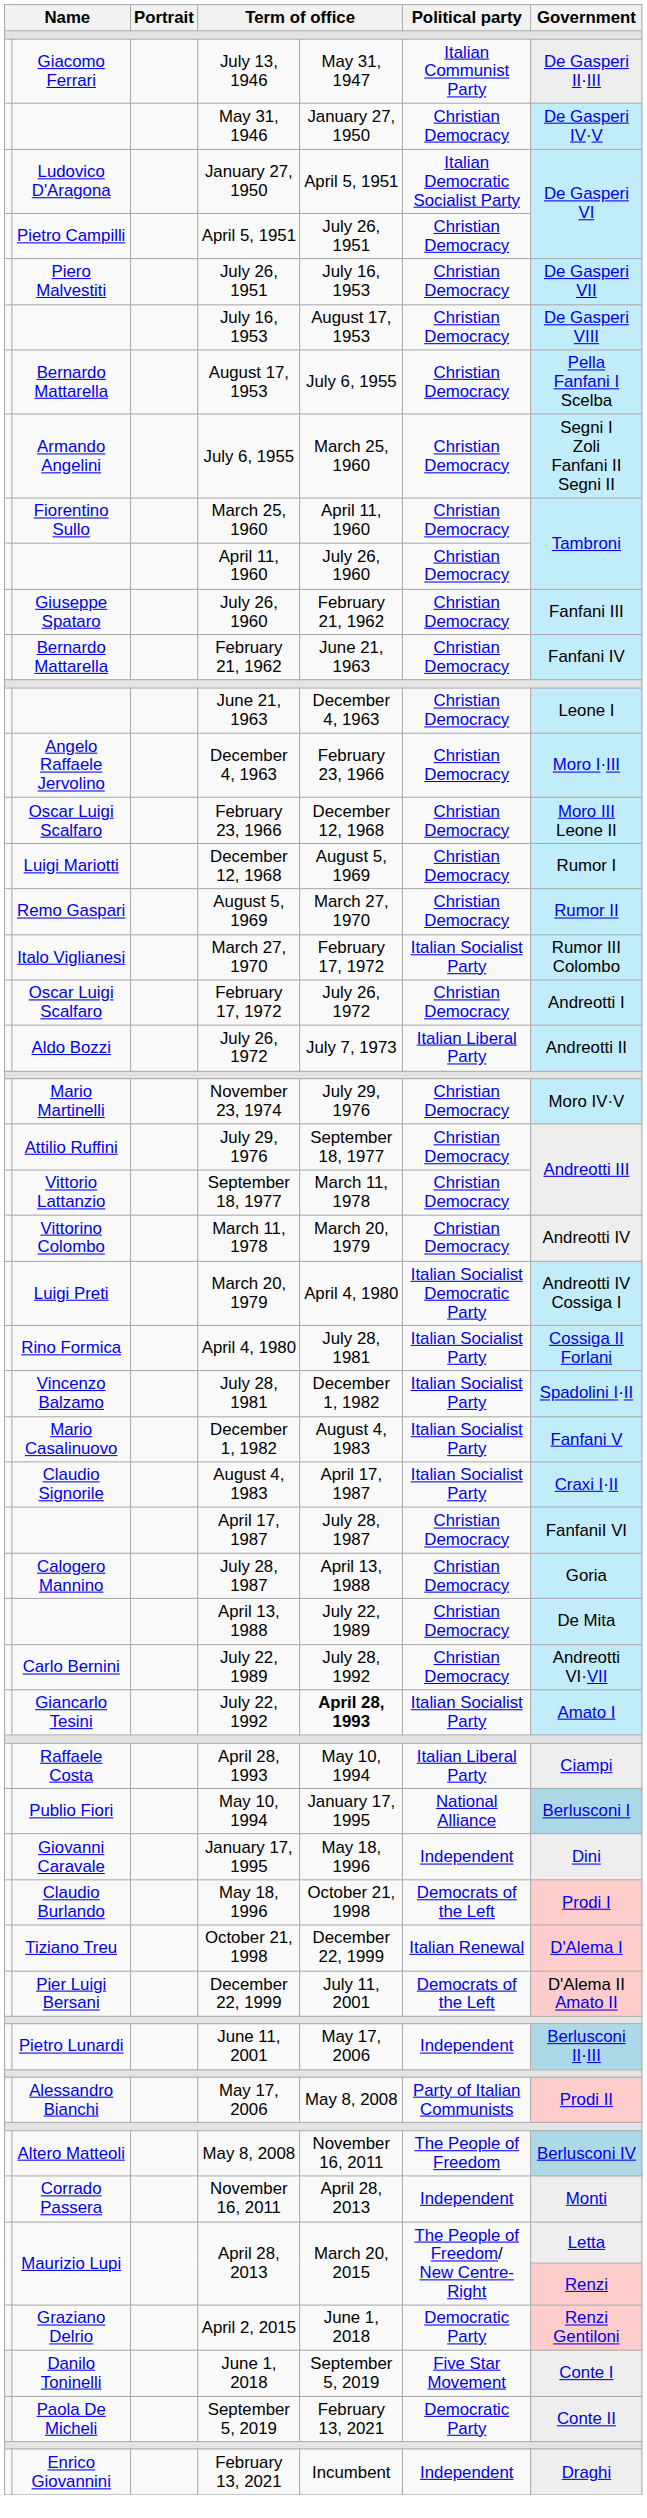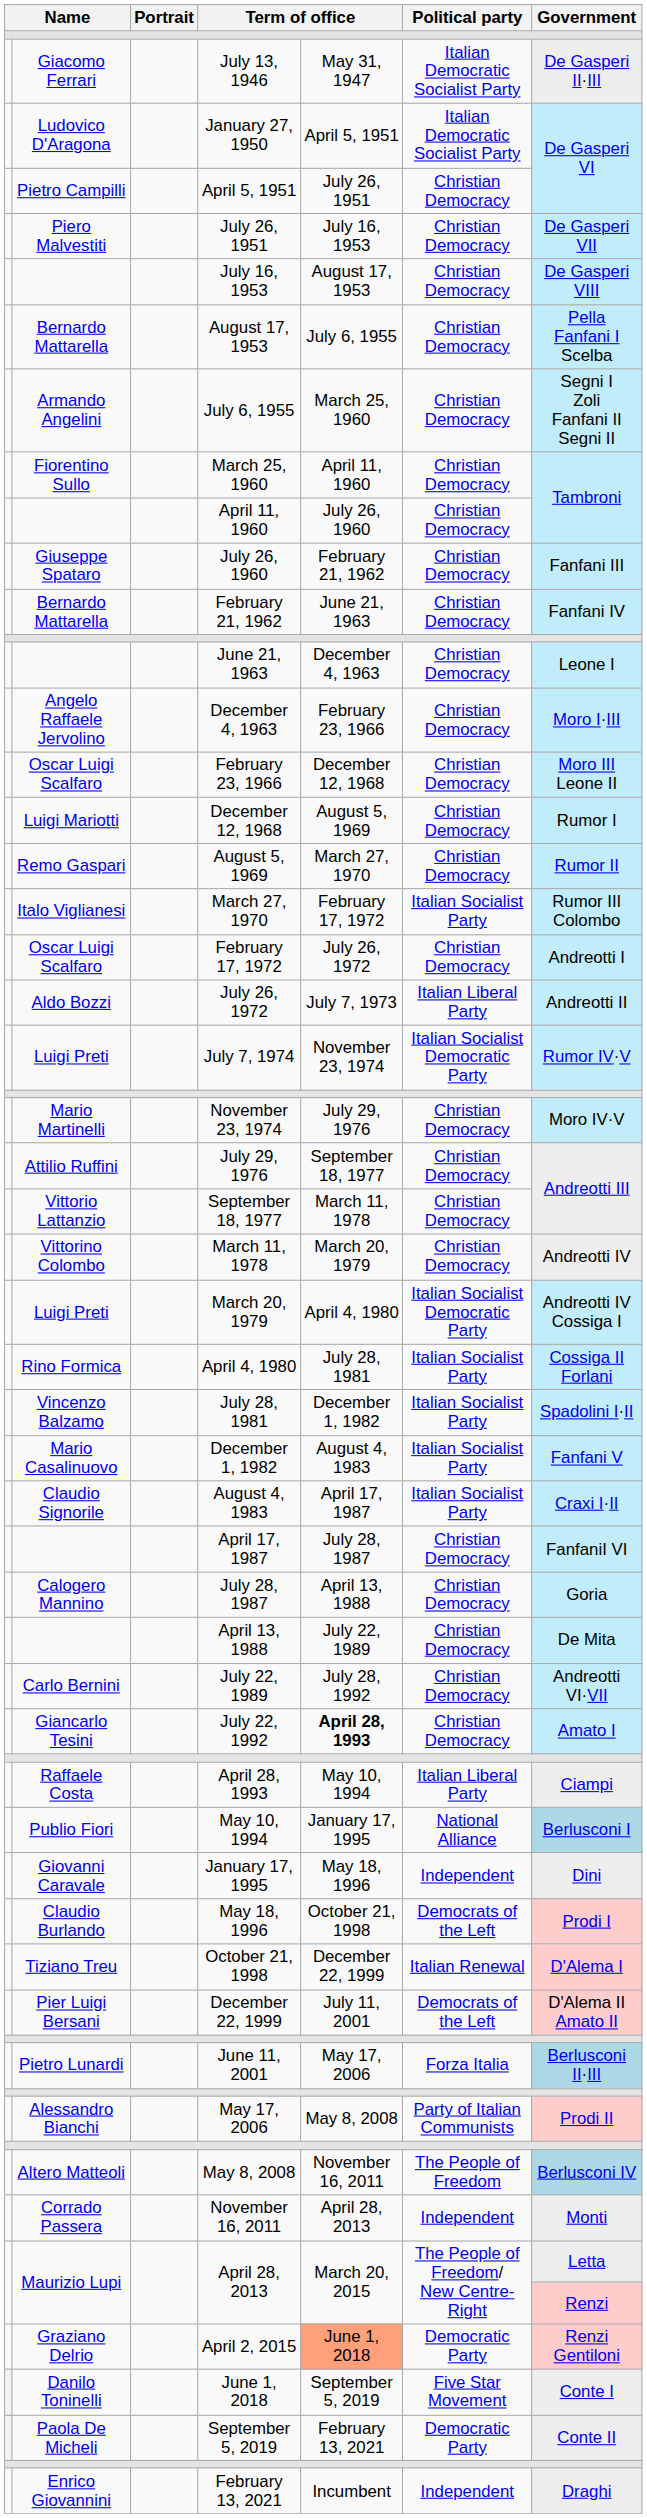 <table class="wikitable" style="text-align:center">
 <tr>
 <th colspan=2>Name<br></th>
 <th>Portrait</th>
 <th colspan=2>Term of office</th>
 <th>Political party</th>
 <th>Government</th>
 </tr>
 <tr>
 <td style="background:#E4E4E4;" colspan=7></td>
 </tr>
 <tr>
 <td style="background:"></td>
 <td><a href='#'>Giacomo Ferrari</a><br></td>
 <td></td>
 <td>July 13, 1946</td>
 <td>May 31, 1947</td>
-<td><a href='#'>Italian Communist Party</a></td>
+<td><a href='#'>Italian Democratic Socialist Party</a></td>
 <td bgcolor=#EEEEEE><a href='#'>De Gasperi II</a>·<a href='#'>III</a></td>
-</tr>
-<tr>
-<td style="background:"></td>
-<td><br></td>
-<td></td>
-<td>May 31, 1946</td>
-<td>January 27, 1950</td>
-<td><a href='#'>Christian Democracy</a></td>
-<td bgcolor=#C1ECFA><a href='#'>De Gasperi IV</a>·<a href='#'>V</a></td>
 </tr>
 <tr>
 <td style="background:"></td>
 <td><a href='#'>Ludovico D'Aragona</a><br></td>
 <td></td>
 <td>January 27, 1950</td>
 <td>April 5, 1951</td>
 <td><a href='#'>Italian Democratic Socialist Party</a></td>
 <td rowspan=2 bgcolor=#C1ECFA><a href='#'>De Gasperi VI</a></td>
 </tr>
 <tr>
 <td style="background:"></td>
 <td><a href='#'>Pietro Campilli</a><br></td>
 <td></td>
 <td>April 5, 1951</td>
 <td>July 26, 1951</td>
 <td><a href='#'>Christian Democracy</a></td>
 </tr>
 <tr>
 <td style="background:"></td>
 <td><a href='#'>Piero Malvestiti</a><br></td>
 <td></td>
 <td>July 26, 1951</td>
 <td>July 16, 1953</td>
 <td><a href='#'>Christian Democracy</a></td>
 <td bgcolor=#C1ECFA><a href='#'>De Gasperi VII</a></td>
 </tr>
 <tr>
 <td style="background:"></td>
 <td><br></td>
 <td></td>
 <td>July 16, 1953</td>
 <td>August 17, 1953</td>
 <td><a href='#'>Christian Democracy</a></td>
 <td bgcolor=#C1ECFA><a href='#'>De Gasperi VIII</a></td>
 </tr>
 <tr>
 <td style="background:"></td>
 <td><a href='#'>Bernardo Mattarella</a><br></td>
 <td></td>
 <td>August 17, 1953</td>
 <td>July 6, 1955</td>
 <td><a href='#'>Christian Democracy</a></td>
 <td bgcolor=#C1ECFA><a href='#'>Pella</a><br><a href='#'>Fanfani I</a><br>Scelba</td>
 </tr>
 <tr>
 <td style="background:"></td>
 <td><a href='#'>Armando Angelini</a><br></td>
 <td></td>
 <td>July 6, 1955</td>
 <td>March 25, 1960</td>
 <td><a href='#'>Christian Democracy</a></td>
 <td bgcolor=#C1ECFA>Segni I<br>Zoli<br>Fanfani II<br>Segni II</td>
 </tr>
 <tr>
 <td style="background:"></td>
 <td><a href='#'>Fiorentino Sullo</a><br></td>
 <td></td>
 <td>March 25, 1960</td>
 <td>April 11, 1960</td>
 <td><a href='#'>Christian Democracy</a></td>
 <td rowspan=2 bgcolor=#C1ECFA><a href='#'>Tambroni</a></td>
 </tr>
 <tr>
 <td style="background:"></td>
 <td><br></td>
 <td></td>
 <td>April 11, 1960</td>
 <td>July 26, 1960</td>
 <td><a href='#'>Christian Democracy</a></td>
 </tr>
 <tr>
 <td style="background:"></td>
 <td><a href='#'>Giuseppe Spataro</a><br></td>
 <td></td>
 <td>July 26, 1960</td>
 <td>February 21, 1962</td>
 <td><a href='#'>Christian Democracy</a></td>
 <td bgcolor=#C1ECFA>Fanfani III</td>
 </tr>
 <tr>
 <td style="background:"></td>
 <td><a href='#'>Bernardo Mattarella</a><br></td>
 <td></td>
 <td>February 21, 1962</td>
 <td>June 21, 1963</td>
 <td><a href='#'>Christian Democracy</a></td>
 <td bgcolor=#C1ECFA>Fanfani IV</td>
 </tr>
 <tr>
 <td style="background:#E4E4E4;" colspan=7></td>
 </tr>
 <tr>
 <td style="background:"></td>
 <td><br></td>
 <td></td>
 <td>June 21, 1963</td>
 <td>December 4, 1963</td>
 <td><a href='#'>Christian Democracy</a></td>
 <td bgcolor=#C1ECFA>Leone I</td>
 </tr>
 <tr>
 <td style="background:"></td>
 <td><a href='#'>Angelo Raffaele Jervolino</a><br></td>
 <td></td>
 <td>December 4, 1963</td>
 <td>February 23, 1966</td>
 <td><a href='#'>Christian Democracy</a></td>
 <td bgcolor=#C1ECFA><a href='#'>Moro I</a>·<a href='#'>III</a></td>
 </tr>
 <tr>
 <td style="background:"></td>
 <td><a href='#'>Oscar Luigi Scalfaro</a><br></td>
 <td></td>
 <td>February 23, 1966</td>
 <td>December 12, 1968</td>
 <td><a href='#'>Christian Democracy</a></td>
 <td bgcolor=#C1ECFA><a href='#'>Moro III</a><br>Leone II</td>
 </tr>
 <tr>
 <td style="background:"></td>
 <td><a href='#'>Luigi Mariotti</a><br></td>
 <td></td>
 <td>December 12, 1968</td>
 <td>August 5, 1969</td>
 <td><a href='#'>Christian Democracy</a></td>
 <td bgcolor=#C1ECFA>Rumor I</td>
 </tr>
 <tr>
 <td style="background:"></td>
 <td><a href='#'>Remo Gaspari</a><br></td>
 <td></td>
 <td>August 5, 1969</td>
 <td>March 27, 1970</td>
 <td><a href='#'>Christian Democracy</a></td>
 <td bgcolor=#C1ECFA><a href='#'>Rumor II</a></td>
 </tr>
 <tr>
 <td style="background:"></td>
 <td><a href='#'>Italo Viglianesi</a><br></td>
 <td></td>
 <td>March 27, 1970</td>
 <td>February 17, 1972</td>
 <td><a href='#'>Italian Socialist Party</a></td>
 <td bgcolor=#C1ECFA>Rumor III<br>Colombo</td>
 </tr>
 <tr>
 <td style="background:"></td>
 <td><a href='#'>Oscar Luigi Scalfaro</a><br></td>
 <td></td>
 <td>February 17, 1972</td>
 <td>July 26, 1972</td>
 <td><a href='#'>Christian Democracy</a></td>
 <td bgcolor=#C1ECFA>Andreotti I</td>
 </tr>
 <tr>
 <td style="background:"></td>
 <td><a href='#'>Aldo Bozzi</a><br></td>
 <td></td>
 <td>July 26, 1972</td>
 <td>July 7, 1973</td>
 <td><a href='#'>Italian Liberal Party</a></td>
 <td bgcolor=#C1ECFA>Andreotti II</td>
 </tr>
 <tr>
+<td style="background:"></td>
+<td><a href='#'>Luigi Preti</a><br></td>
+<td></td>
+<td>July 7, 1974</td>
+<td>November 23, 1974</td>
+<td><a href='#'>Italian Socialist Democratic Party</a></td>
+<td bgcolor=#C1ECFA><a href='#'>Rumor IV</a>·<a href='#'>V</a></td>
+</tr>
+<tr>
 <td style="background:#E4E4E4;" colspan=7></td>
 </tr>
 <tr>
 <td style="background:"></td>
 <td><a href='#'>Mario Martinelli</a><br></td>
 <td></td>
 <td>November 23, 1974</td>
 <td>July 29, 1976</td>
 <td><a href='#'>Christian Democracy</a></td>
 <td bgcolor=#C1ECFA>Moro IV·V</td>
 </tr>
 <tr>
 <td style="background:"></td>
 <td><a href='#'>Attilio Ruffini</a><br></td>
 <td></td>
 <td>July 29, 1976</td>
 <td>September 18, 1977</td>
 <td><a href='#'>Christian Democracy</a></td>
 <td rowspan=2 bgcolor=#EEEEEE><a href='#'>Andreotti III</a></td>
 </tr>
 <tr>
 <td style="background:"></td>
 <td><a href='#'>Vittorio Lattanzio</a><br></td>
 <td></td>
 <td>September 18, 1977</td>
 <td>March 11, 1978</td>
 <td><a href='#'>Christian Democracy</a></td>
 </tr>
 <tr>
 <td style="background:"></td>
 <td><a href='#'>Vittorino Colombo</a><br></td>
 <td></td>
 <td>March 11, 1978</td>
 <td>March 20, 1979</td>
 <td><a href='#'>Christian Democracy</a></td>
 <td bgcolor=#EEEEEE>Andreotti IV</td>
 </tr>
 <tr>
 <td style="background:"></td>
 <td><a href='#'>Luigi Preti</a><br></td>
 <td></td>
 <td>March 20, 1979</td>
 <td>April 4, 1980</td>
 <td><a href='#'>Italian Socialist Democratic Party</a></td>
 <td bgcolor=#C1ECFA>Andreotti IV<br>Cossiga I</td>
 </tr>
 <tr>
 <td style="background:"></td>
 <td><a href='#'>Rino Formica</a><br></td>
 <td></td>
 <td>April 4, 1980</td>
 <td>July 28, 1981</td>
 <td><a href='#'>Italian Socialist Party</a></td>
 <td bgcolor=#C1ECFA><a href='#'>Cossiga II</a><br><a href='#'>Forlani</a></td>
 </tr>
 <tr>
 <td style="background:"></td>
 <td><a href='#'>Vincenzo Balzamo</a><br></td>
 <td></td>
 <td>July 28, 1981</td>
 <td>December 1, 1982</td>
 <td><a href='#'>Italian Socialist Party</a></td>
 <td bgcolor=#C1ECFA><a href='#'>Spadolini I</a>·<a href='#'>II</a></td>
 </tr>
 <tr>
 <td style="background:"></td>
 <td><a href='#'>Mario Casalinuovo</a><br></td>
 <td></td>
 <td>December 1, 1982</td>
 <td>August 4, 1983</td>
 <td><a href='#'>Italian Socialist Party</a></td>
 <td bgcolor=#C1ECFA><a href='#'>Fanfani V</a></td>
 </tr>
 <tr>
 <td style="background:"></td>
 <td><a href='#'>Claudio Signorile</a><br></td>
 <td></td>
 <td>August 4, 1983</td>
 <td>April 17, 1987</td>
 <td><a href='#'>Italian Socialist Party</a></td>
 <td bgcolor=#C1ECFA><a href='#'>Craxi I</a>·<a href='#'>II</a></td>
 </tr>
 <tr>
 <td style="background:"></td>
 <td><br></td>
 <td></td>
 <td>April 17, 1987</td>
 <td>July 28, 1987</td>
 <td><a href='#'>Christian Democracy</a></td>
 <td bgcolor=#C1ECFA>FanfaniI VI</td>
 </tr>
 <tr>
 <td style="background:"></td>
 <td><a href='#'>Calogero Mannino</a><br></td>
 <td></td>
 <td>July 28, 1987</td>
 <td>April 13, 1988</td>
 <td><a href='#'>Christian Democracy</a></td>
 <td bgcolor=#C1ECFA>Goria</td>
 </tr>
 <tr>
 <td style="background:"></td>
 <td><br></td>
 <td></td>
 <td>April 13, 1988</td>
 <td>July 22, 1989</td>
 <td><a href='#'>Christian Democracy</a></td>
 <td bgcolor=#C1ECFA>De Mita</td>
 </tr>
 <tr>
 <td style="background:"></td>
 <td><a href='#'>Carlo Bernini</a><br></td>
 <td></td>
 <td>July 22, 1989</td>
 <td>July 28, 1992</td>
 <td><a href='#'>Christian Democracy</a></td>
 <td bgcolor=#C1ECFA>Andreotti VI·<a href='#'>VII</a></td>
 </tr>
 <tr>
 <td style="background:"></td>
 <td><a href='#'>Giancarlo Tesini</a><br></td>
 <td></td>
 <td>July 22, 1992</td>
 <td><strong>April 28, 1993</strong></td>
-<td><a href='#'>Italian Socialist Party</a></td>
+<td><a href='#'>Christian Democracy</a></td>
 <td bgcolor=#C1ECFA><a href='#'>Amato I</a></td>
 </tr>
 <tr>
 <td style="background:#E4E4E4;" colspan=7></td>
 </tr>
 <tr>
 <td style="background:"></td>
 <td><a href='#'>Raffaele Costa</a><br></td>
 <td></td>
 <td>April 28, 1993</td>
 <td>May 10, 1994</td>
 <td><a href='#'>Italian Liberal Party</a></td>
 <td bgcolor=#EEEEEE><a href='#'>Ciampi</a></td>
 </tr>
 <tr>
 <td style="background:"></td>
 <td><a href='#'>Publio Fiori</a><br></td>
 <td></td>
 <td>May 10, 1994</td>
 <td>January 17, 1995</td>
 <td><a href='#'>National Alliance</a></td>
 <td bgcolor=#ADD8E6><a href='#'>Berlusconi I</a></td>
 </tr>
 <tr>
 <td style="background:"></td>
 <td><a href='#'>Giovanni Caravale</a><br></td>
 <td></td>
 <td>January 17, 1995</td>
 <td>May 18, 1996</td>
 <td><a href='#'>Independent</a></td>
 <td bgcolor=#EEEEEE><a href='#'>Dini</a></td>
 </tr>
 <tr>
 <td style="background:"></td>
 <td><a href='#'>Claudio Burlando</a><br></td>
 <td></td>
 <td>May 18, 1996</td>
 <td>October 21, 1998</td>
 <td><a href='#'>Democrats of the Left</a></td>
 <td bgcolor=#FFCCCC><a href='#'>Prodi I</a></td>
 </tr>
 <tr>
 <td style="background:"></td>
 <td><a href='#'>Tiziano Treu</a><br></td>
 <td></td>
 <td>October 21, 1998</td>
 <td>December 22, 1999</td>
 <td><a href='#'>Italian Renewal</a></td>
 <td bgcolor=#FFCCCC><a href='#'>D'Alema I</a></td>
 </tr>
 <tr>
 <td style="background:"></td>
 <td><a href='#'>Pier Luigi Bersani</a><br></td>
 <td></td>
 <td>December 22, 1999</td>
 <td>July 11, 2001</td>
 <td><a href='#'>Democrats of the Left</a></td>
 <td bgcolor=#FFCCCC>D'Alema II<br><a href='#'>Amato II</a></td>
 </tr>
 <tr>
 <td style="background:#E4E4E4;" colspan=7></td>
 </tr>
 <tr>
 <td style="background:"></td>
 <td><a href='#'>Pietro Lunardi</a><br></td>
 <td></td>
 <td>June 11, 2001</td>
 <td>May 17, 2006</td>
-<td><a href='#'>Independent</a></td>
+<td><a href='#'>Forza Italia</a></td>
 <td bgcolor=#ADD8E6><a href='#'>Berlusconi II</a>·<a href='#'>III</a></td>
 </tr>
 <tr>
 <td style="background:#E4E4E4;" colspan=7></td>
 </tr>
 <tr>
 <td style="background:"></td>
 <td><a href='#'>Alessandro Bianchi</a><br></td>
 <td></td>
 <td>May 17, 2006</td>
 <td>May 8, 2008</td>
 <td><a href='#'>Party of Italian Communists</a></td>
 <td bgcolor=#FFCCCC><a href='#'>Prodi II</a></td>
 </tr>
 <tr>
 <td style="background:#E4E4E4;" colspan=7></td>
 </tr>
 <tr>
 <td style="background:"></td>
 <td><a href='#'>Altero Matteoli</a><br></td>
 <td></td>
 <td>May 8, 2008</td>
 <td>November 16, 2011</td>
 <td><a href='#'>The People of Freedom</a></td>
 <td bgcolor=#ADD8E6><a href='#'>Berlusconi IV</a></td>
 </tr>
 <tr>
 <td style="background:"></td>
 <td><a href='#'>Corrado Passera</a><br></td>
 <td></td>
 <td>November 16, 2011</td>
 <td>April 28, 2013</td>
 <td><a href='#'>Independent</a></td>
 <td bgcolor=#EEEEEE><a href='#'>Monti</a></td>
 </tr>
 <tr>
 <td rowspan=2 style="background:"></td>
 <td rowspan=2><a href='#'>Maurizio Lupi</a><br></td>
 <td rowspan=2></td>
 <td rowspan=2>April 28, 2013</td>
 <td rowspan=2>March  20, 2015</td>
 <td rowspan=2><a href='#'>The People of Freedom</a>/<br><a href='#'>New Centre-Right</a></td>
 <td bgcolor=#EEEEEE><a href='#'>Letta</a></td>
 </tr>
 <tr>
 <td bgcolor=#FFCCCC><a href='#'>Renzi</a></td>
 </tr>
 <tr>
 <td style="background:"></td>
 <td><a href='#'>Graziano Delrio</a><br></td>
 <td></td>
 <td>April 2, 2015</td>
-<td>June 1, 2018</td>
+<td style="background: lightsalmon;">June 1, 2018</td>
 <td><a href='#'>Democratic Party</a></td>
 <td bgcolor=#FFCCCC><a href='#'>Renzi</a><br><a href='#'>Gentiloni</a></td>
 </tr>
 <tr>
 <th style="background:"></th>
 <td><a href='#'>Danilo Toninelli</a><br></td>
 <td></td>
 <td>June 1, 2018</td>
 <td>September 5, 2019</td>
 <td><a href='#'>Five Star Movement</a></td>
 <td bgcolor=#EEEEEE><a href='#'>Conte I</a></td>
 </tr>
 <tr>
 <th style="background:"></th>
 <td><a href='#'>Paola De Micheli</a><br></td>
 <td></td>
 <td>September 5, 2019</td>
 <td>February 13, 2021</td>
 <td><a href='#'>Democratic Party</a></td>
 <td bgcolor=#EEEEEE><a href='#'>Conte II</a></td>
 </tr>
 <tr>
 <td style="background:#E4E4E4;" colspan=7></td>
 </tr>
 <tr>
 <td style="background:"></td>
 <td><a href='#'>Enrico Giovannini</a><br></td>
 <td></td>
 <td>February 13, 2021</td>
 <td>Incumbent</td>
 <td><a href='#'>Independent</a></td>
 <td bgcolor=#EEEEEE><a href='#'>Draghi</a></td>
 </tr>
 <tr>
 </tr>
 </table>
